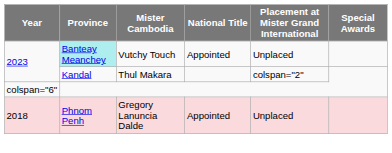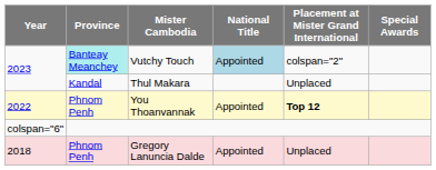 <table class="wikitable " style="font-size: 95%;">
 <tr>
 <th width="60" style="background-color:#787878;color:#FFFFFF;">Year</th>
 <th width="150" style="background-color:#787878;color:#FFFFFF;">Province</th>
 <th width="250" style="background-color:#787878;color:#FFFFFF;">Mister Cambodia</th>
 <th width="250" style="background-color:#787878;color:#FFFFFF;">National Title</th>
 <th width="250" style="background-color:#787878;color:#FFFFFF;">Placement at Mister Grand International</th>
 <th width="250" style="background-color:#787878;color:#FFFFFF;">Special Awards</th>
 </tr>
 <tr>
 <td rowspan="2"><a href='#'>2023</a></td>
 <td style="background: paleturquoise;"><a href='#'>Banteay Meanchey</a></td>
 <td>Vutchy Touch</td>
-<td>Appointed</td>
-<td>Unplaced</td>
+<td style="background: lightblue;">Appointed</td>
+<td>colspan="2" </td>
 <td></td>
 </tr>
 <tr>
 <td><a href='#'>Kandal</a></td>
 <td>Thul Makara</td>
 <td></td>
-<td>colspan="2" </td>
+<td>Unplaced</td>
+</tr>
+<tr style="background-color:#FFFACD">
+<td><a href='#'>2022</a></td>
+<td><a href='#'>Phnom Penh</a></td>
+<td>You Thoanvannak</td>
+<td>Appointed</td>
+<td><strong>Top 12</strong></td>
+<td style="background:;"></td>
 </tr>
 <tr>
 <td>colspan="6" </td>
 </tr>
 <tr style="background-color:#FADADD; ">
 <td>2018</td>
 <td><a href='#'>Phnom Penh</a></td>
 <td>Gregory Lanuncia Dalde</td>
 <td>Appointed</td>
 <td>Unplaced</td>
 <td style="background:;"></td>
 </tr>
 </table>
